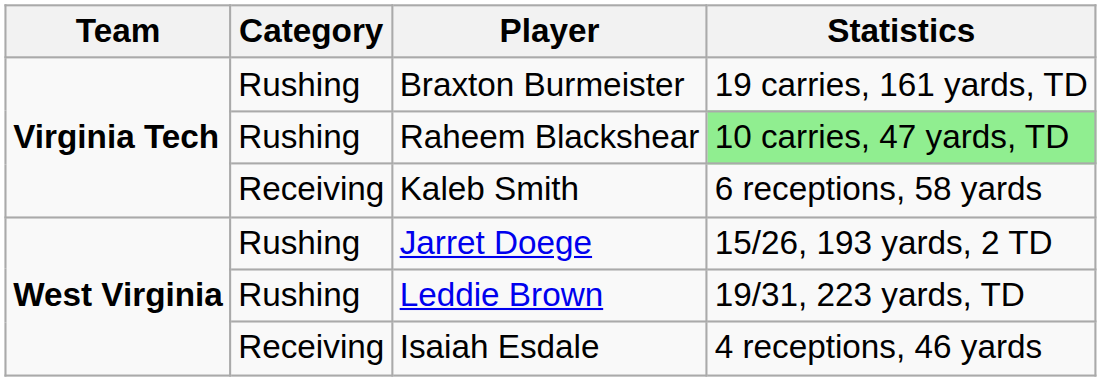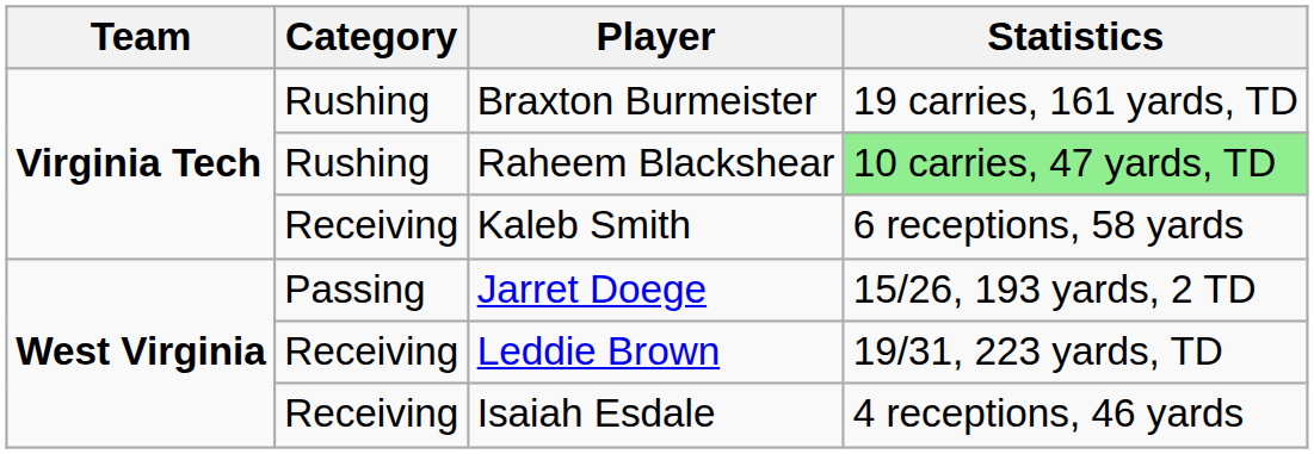 <table class="wikitable" style="float: right;">
 <tr>
 <th>Team</th>
 <th>Category</th>
 <th>Player</th>
 <th>Statistics</th>
 </tr>
 <tr>
 <td rowspan=3><strong>Virginia Tech</strong></td>
 <td>Rushing</td>
 <td>Braxton Burmeister</td>
 <td>19 carries, 161 yards, TD</td>
 </tr>
 <tr>
 <td>Rushing</td>
 <td>Raheem Blackshear</td>
 <td style="background: lightgreen;">10 carries, 47 yards, TD</td>
 </tr>
 <tr>
 <td>Receiving</td>
 <td>Kaleb Smith</td>
 <td>6 receptions, 58 yards</td>
 </tr>
 <tr>
 <td rowspan=3><strong>West Virginia</strong></td>
-<td>Rushing</td>
+<td>Passing</td>
 <td><a href='#'>Jarret Doege</a></td>
 <td>15/26, 193 yards, 2 TD</td>
 </tr>
 <tr>
-<td>Rushing</td>
+<td>Receiving</td>
 <td><a href='#'>Leddie Brown</a></td>
 <td>19/31, 223 yards, TD</td>
 </tr>
 <tr>
 <td>Receiving</td>
 <td>Isaiah Esdale</td>
 <td>4 receptions, 46 yards</td>
 </tr>
 </table>
